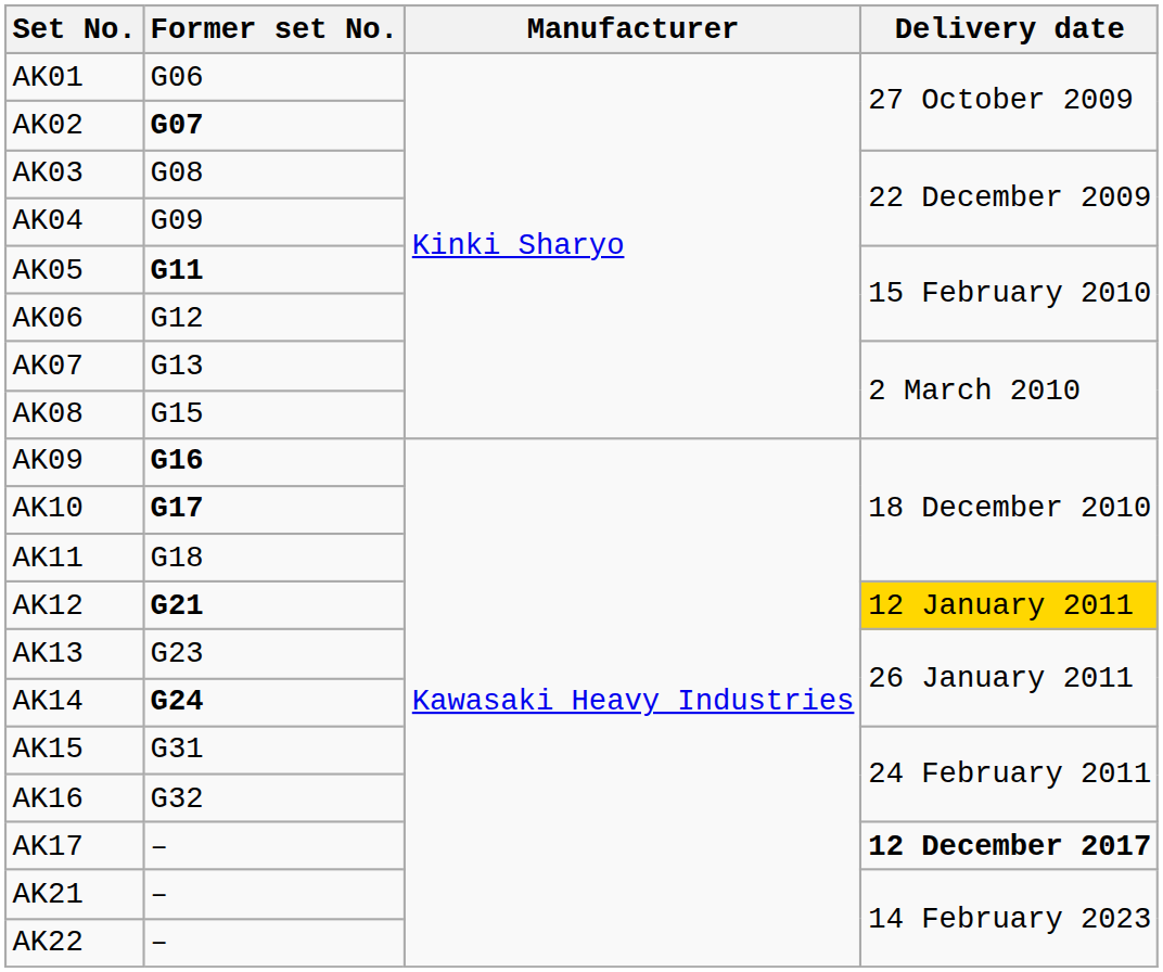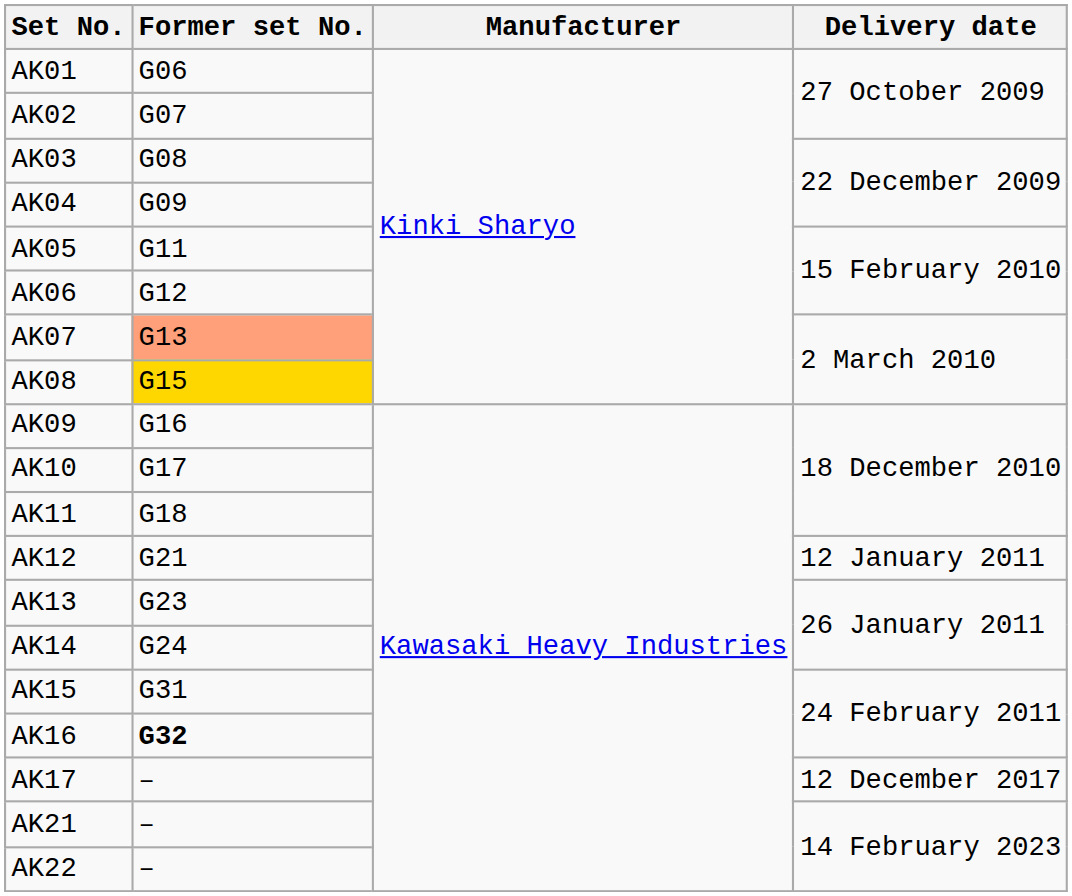 <table class="wikitable">
 <tr>
 <th>Set No.</th>
 <th>Former set No.</th>
 <th>Manufacturer</th>
 <th>Delivery date</th>
 </tr>
 <tr>
 <td>AK01</td>
 <td>G06</td>
 <td rowspan="8"><a href='#'>Kinki Sharyo</a></td>
 <td rowspan="2">27 October 2009</td>
 </tr>
 <tr>
 <td>AK02</td>
-<td><strong>G07</strong></td>
+<td>G07</td>
 </tr>
 <tr>
 <td>AK03</td>
 <td>G08</td>
 <td rowspan="2">22 December 2009</td>
 </tr>
 <tr>
 <td>AK04</td>
 <td>G09</td>
 </tr>
 <tr>
 <td>AK05</td>
-<td><strong>G11</strong></td>
+<td>G11</td>
 <td rowspan="2">15 February 2010</td>
 </tr>
 <tr>
 <td>AK06</td>
 <td>G12</td>
 </tr>
 <tr>
 <td>AK07</td>
-<td>G13</td>
+<td style="background: lightsalmon;">G13</td>
 <td rowspan="2">2 March 2010</td>
 </tr>
 <tr>
 <td>AK08</td>
-<td>G15</td>
+<td style="background: gold;">G15</td>
 </tr>
 <tr>
 <td>AK09</td>
-<td><strong>G16</strong></td>
+<td>G16</td>
 <td rowspan="11"><a href='#'>Kawasaki Heavy Industries</a></td>
 <td rowspan="3">18 December 2010</td>
 </tr>
 <tr>
 <td>AK10</td>
-<td><strong>G17</strong></td>
+<td>G17</td>
 </tr>
 <tr>
 <td>AK11</td>
 <td>G18</td>
 </tr>
 <tr>
 <td>AK12</td>
-<td><strong>G21</strong></td>
-<td style="background: gold;">12 January 2011</td>
+<td>G21</td>
+<td>12 January 2011</td>
 </tr>
 <tr>
 <td>AK13</td>
 <td>G23</td>
 <td rowspan="2">26 January 2011</td>
 </tr>
 <tr>
 <td>AK14</td>
-<td><strong>G24</strong></td>
+<td>G24</td>
 </tr>
 <tr>
 <td>AK15</td>
 <td>G31</td>
 <td rowspan="2">24 February 2011</td>
 </tr>
 <tr>
 <td>AK16</td>
-<td>G32</td>
+<td><strong>G32</strong></td>
 </tr>
 <tr>
 <td>AK17</td>
 <td>–</td>
-<td><strong>12 December 2017</strong></td>
+<td>12 December 2017</td>
 </tr>
 <tr>
 <td>AK21</td>
 <td>–</td>
 <td rowspan="2">14 February 2023</td>
 </tr>
 <tr>
 <td>AK22</td>
 <td>–</td>
 </tr>
 </table>
